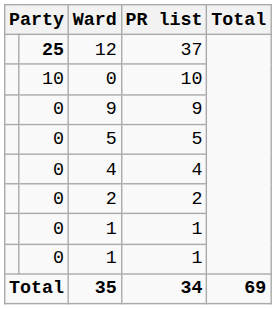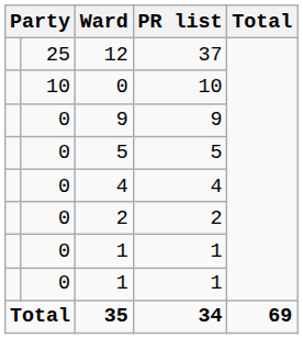 <table class=wikitable style="text-align:right">
 <tr>
 <th colspan=2>Party</th>
 <th>Ward</th>
 <th>PR list</th>
 <th>Total</th>
 </tr>
 <tr>
 <td></td>
-<td><strong>25</strong></td>
+<td>25</td>
 <td>12</td>
 <td>37</td>
 </tr>
 <tr>
 <td></td>
 <td>10</td>
 <td>0</td>
 <td>10</td>
 </tr>
 <tr>
 <td></td>
 <td>0</td>
 <td>9</td>
 <td>9</td>
 </tr>
 <tr>
 <td></td>
 <td>0</td>
 <td>5</td>
 <td>5</td>
 </tr>
 <tr>
 <td></td>
 <td>0</td>
 <td>4</td>
 <td>4</td>
 </tr>
 <tr>
 <td></td>
 <td>0</td>
 <td>2</td>
 <td>2</td>
 </tr>
 <tr>
 <td></td>
 <td>0</td>
 <td>1</td>
 <td>1</td>
 </tr>
 <tr>
 <td></td>
 <td>0</td>
 <td>1</td>
 <td>1</td>
 </tr>
 <tr>
 <td colspan="2" style="text-align:left"><strong>Total</strong></td>
 <td><strong>35</strong></td>
 <td><strong>34</strong></td>
 <td><strong>69</strong></td>
 </tr>
 </table>
